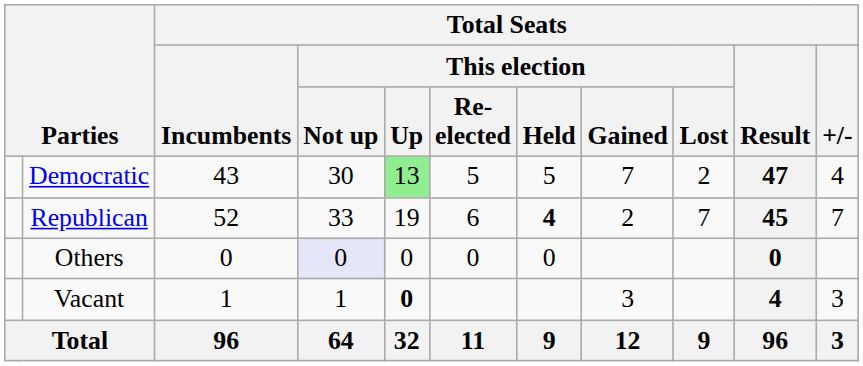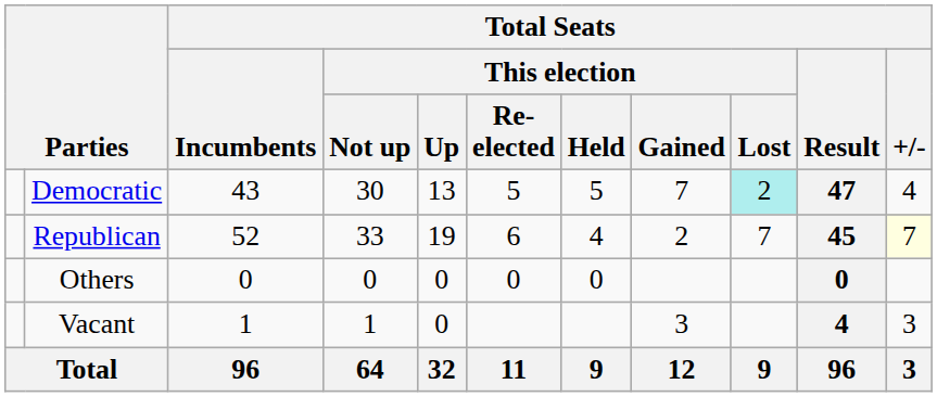 <table class="wikitable" style="text-align:center">
 <tr style="vertical-align:bottom;">
 <th colspan=2 rowspan=3>Parties</th>
 <th colspan=9>Total Seats</th>
 </tr>
 <tr style="vertical-align:bottom;">
 <th rowspan=2>Incumbents</th>
 <th colspan=6>This election</th>
 <th rowspan=2>Result</th>
 <th rowspan=2>+/-</th>
 </tr>
 <tr style="vertical-align:bottom;">
 <th>Not up</th>
 <th>Up</th>
 <th>Re-<br>elected</th>
 <th>Held</th>
 <th>Gained</th>
 <th>Lost</th>
 </tr>
 <tr>
 <td style="background-color:"> </td>
 <td><a href='#'>Democratic</a></td>
 <td>43</td>
 <td>30</td>
-<td style="background: lightgreen;">13</td>
+<td>13</td>
 <td>5</td>
 <td>5</td>
 <td> 7</td>
-<td> 2</td>
+<td style="background: paleturquoise;"> 2</td>
 <th>47</th>
 <td> 4</td>
 </tr>
 <tr>
 <td style="background-color:"> </td>
 <td><a href='#'>Republican</a></td>
 <td>52</td>
 <td>33</td>
 <td>19</td>
 <td>6</td>
-<td><strong>4</strong></td>
+<td>4</td>
 <td> 2</td>
 <td> 7</td>
 <th>45</th>
-<td> 7</td>
+<td style="background: lightyellow;"> 7</td>
 </tr>
 <tr>
 <td></td>
 <td>Others</td>
 <td>0</td>
-<td style="background: lavender;">0</td>
+<td>0</td>
 <td>0</td>
 <td>0</td>
 <td>0</td>
 <td></td>
 <td></td>
 <th>0</th>
 <td></td>
 </tr>
 <tr>
 <td></td>
 <td>Vacant</td>
 <td>1</td>
 <td>1</td>
-<td><strong>0</strong></td>
+<td>0</td>
 <td></td>
 <td></td>
 <td> 3</td>
 <td></td>
 <th>4</th>
 <td> 3</td>
 </tr>
 <tr>
 <th colspan=2>Total</th>
 <th>96</th>
 <th>64</th>
 <th>32</th>
 <th>11</th>
 <th>9</th>
 <th> 12</th>
 <th> 9</th>
 <th>96</th>
 <th> 3</th>
 </tr>
 </table>
